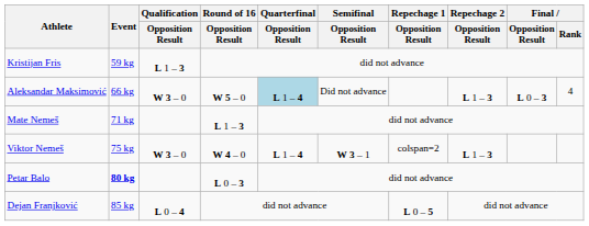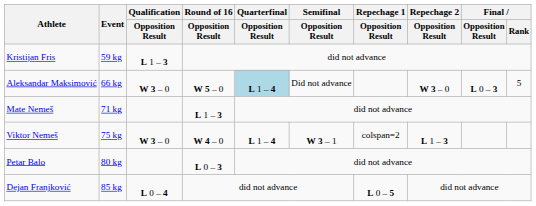 <table class="wikitable" style="font-size:90%">
 <tr>
 <th rowspan="2">Athlete</th>
 <th rowspan="2">Event</th>
 <th>Qualification</th>
 <th>Round of 16</th>
 <th>Quarterfinal</th>
 <th>Semifinal</th>
 <th>Repechage 1</th>
 <th>Repechage 2</th>
 <th colspan=2>Final / </th>
 </tr>
 <tr style="font-size: 95%">
 <th>Opposition<br>Result</th>
 <th>Opposition<br>Result</th>
 <th>Opposition<br>Result</th>
 <th>Opposition<br>Result</th>
 <th>Opposition<br>Result</th>
 <th>Opposition<br>Result</th>
 <th>Opposition<br>Result</th>
 <th>Rank</th>
 </tr>
 <tr align=center>
 <td align=left><a href='#'>Kristijan Fris</a></td>
 <td align=left><a href='#'>59 kg</a></td>
 <td> <br> <strong>L</strong> 1 – <strong>3</strong></td>
 <td colspan=7>did not advance</td>
 </tr>
 <tr align=center>
 <td align=left><a href='#'>Aleksandar Maksimović</a></td>
 <td align=left><a href='#'>66 kg</a></td>
 <td> <br> <strong>W</strong> <strong>3</strong> – 0</td>
 <td> <br> <strong>W</strong> <strong>5</strong> – 0</td>
 <td style="background: lightblue;"> <br> <strong>L</strong> 1 – <strong>4</strong></td>
 <td>Did not advance</td>
 <td></td>
-<td> <br> <strong>L</strong> 1 – <strong>3</strong></td>
+<td> <br> <strong>W</strong> <strong>3</strong> – 0</td>
 <td> <br> <strong>L</strong> 0 – <strong>3</strong></td>
-<td>4</td>
+<td>5</td>
 </tr>
 <tr align=center>
 <td align=left><a href='#'>Mate Nemeš</a></td>
 <td align=left><a href='#'>71 kg</a></td>
 <td></td>
 <td> <br> <strong>L</strong> 1 – <strong>3</strong></td>
 <td colspan=6>did not advance</td>
 </tr>
 <tr align=center>
 <td align=left><a href='#'>Viktor Nemeš</a></td>
 <td align=left><a href='#'>75 kg</a></td>
 <td> <br> <strong>W</strong> <strong>3</strong> – 0</td>
 <td> <br> <strong>W</strong> <strong>4</strong> – 0</td>
 <td> <br> <strong>L</strong> 1 – <strong>4</strong></td>
 <td> <br> <strong>W</strong> <strong>3</strong> – 1</td>
 <td>colspan=2 </td>
 <td> <br> <strong>L</strong> 1 – <strong>3</strong></td>
 <td></td>
 </tr>
 <tr align=center>
 <td align=left><a href='#'>Petar Balo</a></td>
-<td align=left><strong><a href='#'>80 kg</a></strong></td>
+<td align=left><a href='#'>80 kg</a></td>
 <td></td>
 <td> <br> <strong>L</strong> 0 – <strong>3</strong></td>
 <td colspan=6>did not advance</td>
 </tr>
 <tr align=center>
 <td align=left><a href='#'>Dejan Franjković</a></td>
 <td align=left><a href='#'>85 kg</a></td>
 <td> <br> <strong>L</strong> 0 – <strong>4</strong></td>
 <td colspan=3>did not advance</td>
 <td> <br> <strong>L</strong> 0 – <strong>5</strong></td>
 <td colspan=3>did not advance</td>
 </tr>
 </table>
